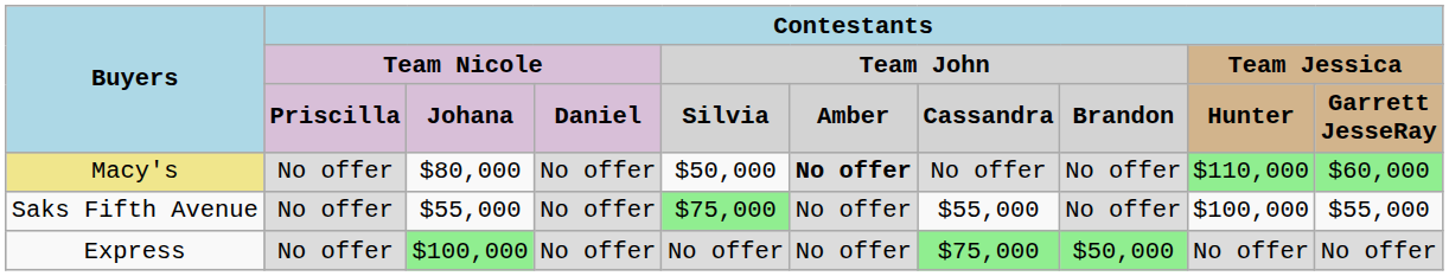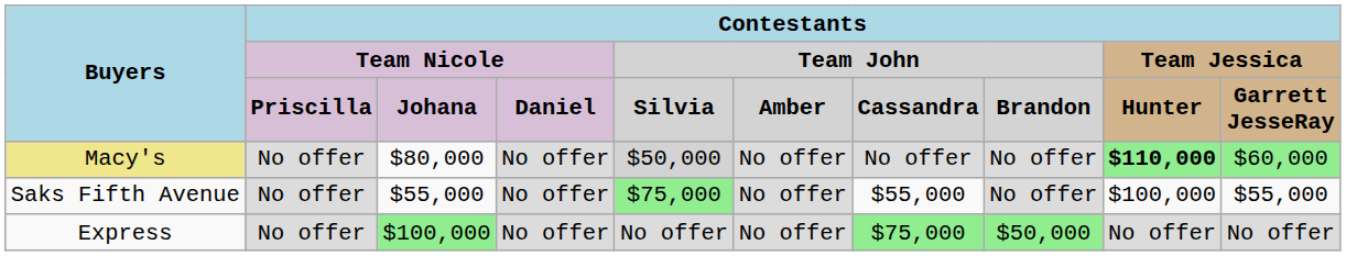 <table class="wikitable" style="text-align:center">
 <tr style="background:lightblue;">
 <td rowspan="3"><strong>Buyers</strong></td>
 <td colspan="10"><strong>Contestants</strong></td>
 </tr>
 <tr>
 <td bgcolor=Thistle colspan=3><strong>Team Nicole</strong></td>
 <td bgcolor=LightGray colspan=4><strong>Team John</strong></td>
 <td bgcolor=Tan colspan=3><strong>Team Jessica</strong></td>
 </tr>
 <tr>
 <td bgcolor=Thistle><strong>Priscilla</strong></td>
 <td bgcolor=Thistle><strong>Johana</strong></td>
 <td bgcolor=Thistle><strong>Daniel</strong></td>
 <td bgcolor=LightGray><strong>Silvia</strong></td>
 <td bgcolor=LightGray><strong>Amber</strong></td>
 <td bgcolor=LightGray><strong>Cassandra</strong></td>
 <td bgcolor=LightGray><strong>Brandon</strong></td>
 <td bgcolor=Tan><strong>Hunter</strong></td>
 <td bgcolor=Tan><strong>Garrett<br>JesseRay</strong></td>
 </tr>
 <tr>
 <td style="background: khaki;">Macy's</td>
 <td bgcolor=#DCDCDC>No offer</td>
 <td>$80,000</td>
 <td bgcolor=#DCDCDC>No offer</td>
-<td>$50,000</td>
-<td bgcolor=#DCDCDC><strong>No offer</strong></td>
+<td style="background: lightgrey;">$50,000</td>
 <td bgcolor=#DCDCDC>No offer</td>
 <td bgcolor=#DCDCDC>No offer</td>
-<td bgcolor=lightgreen>$110,000</td>
+<td bgcolor=#DCDCDC>No offer</td>
+<td bgcolor=lightgreen><strong>$110,000</strong></td>
 <td bgcolor=lightgreen>$60,000</td>
 </tr>
 <tr>
 <td>Saks Fifth Avenue</td>
 <td bgcolor=#DCDCDC>No offer</td>
 <td>$55,000</td>
 <td bgcolor=#DCDCDC>No offer</td>
 <td bgcolor=lightgreen>$75,000</td>
 <td bgcolor=#DCDCDC>No offer</td>
 <td>$55,000</td>
 <td bgcolor=#DCDCDC>No offer</td>
 <td>$100,000</td>
 <td>$55,000</td>
 </tr>
 <tr>
 <td>Express</td>
 <td bgcolor=#DCDCDC>No offer</td>
 <td bgcolor=lightgreen>$100,000</td>
 <td bgcolor=#DCDCDC>No offer</td>
 <td bgcolor=#DCDCDC>No offer</td>
 <td bgcolor=#DCDCDC>No offer</td>
 <td bgcolor=lightgreen>$75,000</td>
 <td bgcolor=lightgreen>$50,000</td>
 <td bgcolor=#DCDCDC>No offer</td>
 <td bgcolor=#DCDCDC>No offer</td>
 </tr>
 </table>
